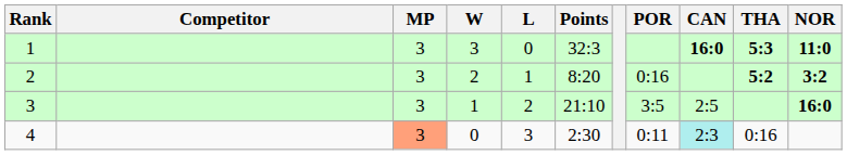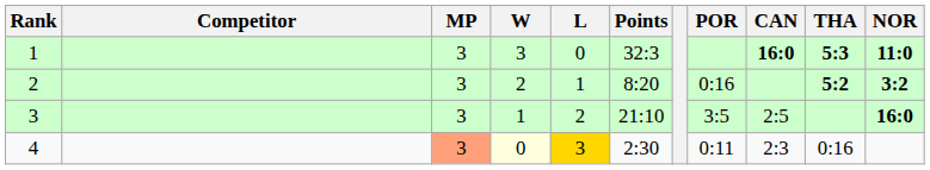 <table class="wikitable" style="text-align:center">
 <tr>
 <th>Rank</th>
 <th style="width:18em">Competitor</th>
 <th style="width:2.5em">MP</th>
 <th style="width:2.5em">W</th>
 <th style="width:2.5em">L</th>
 <th>Points</th>
 <th rowspan="5"> </th>
 <th style="width:2.5em">POR</th>
 <th style="width:2.5em">CAN</th>
 <th style="width:2.5em">THA</th>
 <th style="width:2.5em">NOR</th>
 </tr>
 <tr style="background:#cfc;">
 <td>1</td>
 <td style="text-align:left"></td>
 <td>3</td>
 <td>3</td>
 <td>0</td>
 <td>32:3</td>
 <td></td>
 <td><strong>16:0</strong></td>
 <td><strong>5:3</strong></td>
 <td><strong>11:0</strong></td>
 </tr>
 <tr style="background:#cfc;">
 <td>2</td>
 <td style="text-align:left"></td>
 <td>3</td>
 <td>2</td>
 <td>1</td>
 <td>8:20</td>
 <td>0:16</td>
 <td></td>
 <td><strong>5:2</strong></td>
 <td><strong>3:2</strong></td>
 </tr>
 <tr style="background:#cfc;">
 <td>3</td>
 <td style="text-align:left"></td>
 <td>3</td>
 <td>1</td>
 <td>2</td>
 <td>21:10</td>
 <td>3:5</td>
 <td>2:5</td>
 <td></td>
 <td><strong>16:0</strong></td>
 </tr>
 <tr>
 <td>4</td>
 <td style="text-align:left"></td>
 <td style="background: lightsalmon;">3</td>
-<td>0</td>
-<td>3</td>
+<td style="background: lightyellow;">0</td>
+<td style="background: gold;">3</td>
 <td>2:30</td>
 <td>0:11</td>
-<td style="background: paleturquoise;">2:3</td>
+<td>2:3</td>
 <td>0:16</td>
 <td></td>
 </tr>
 </table>
